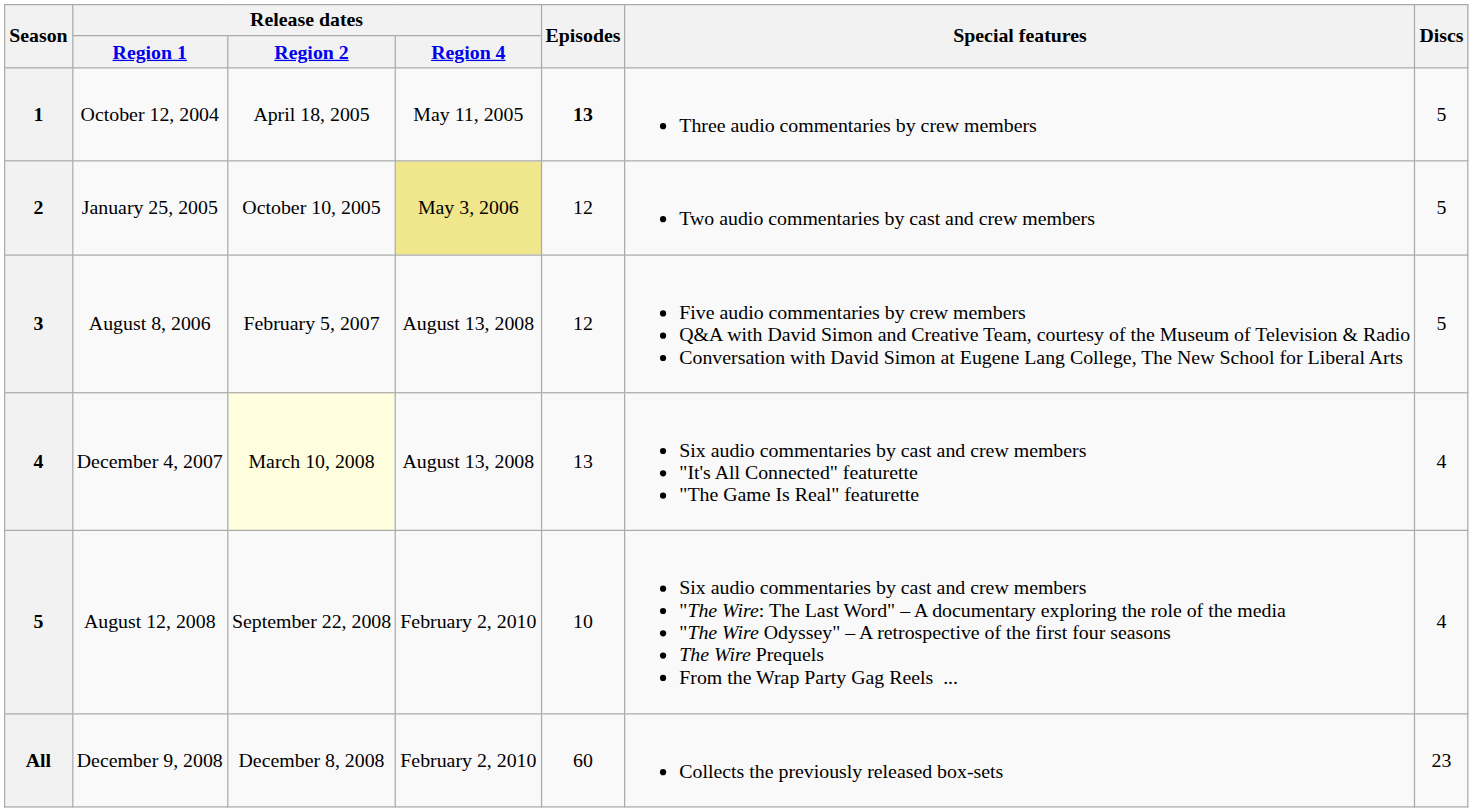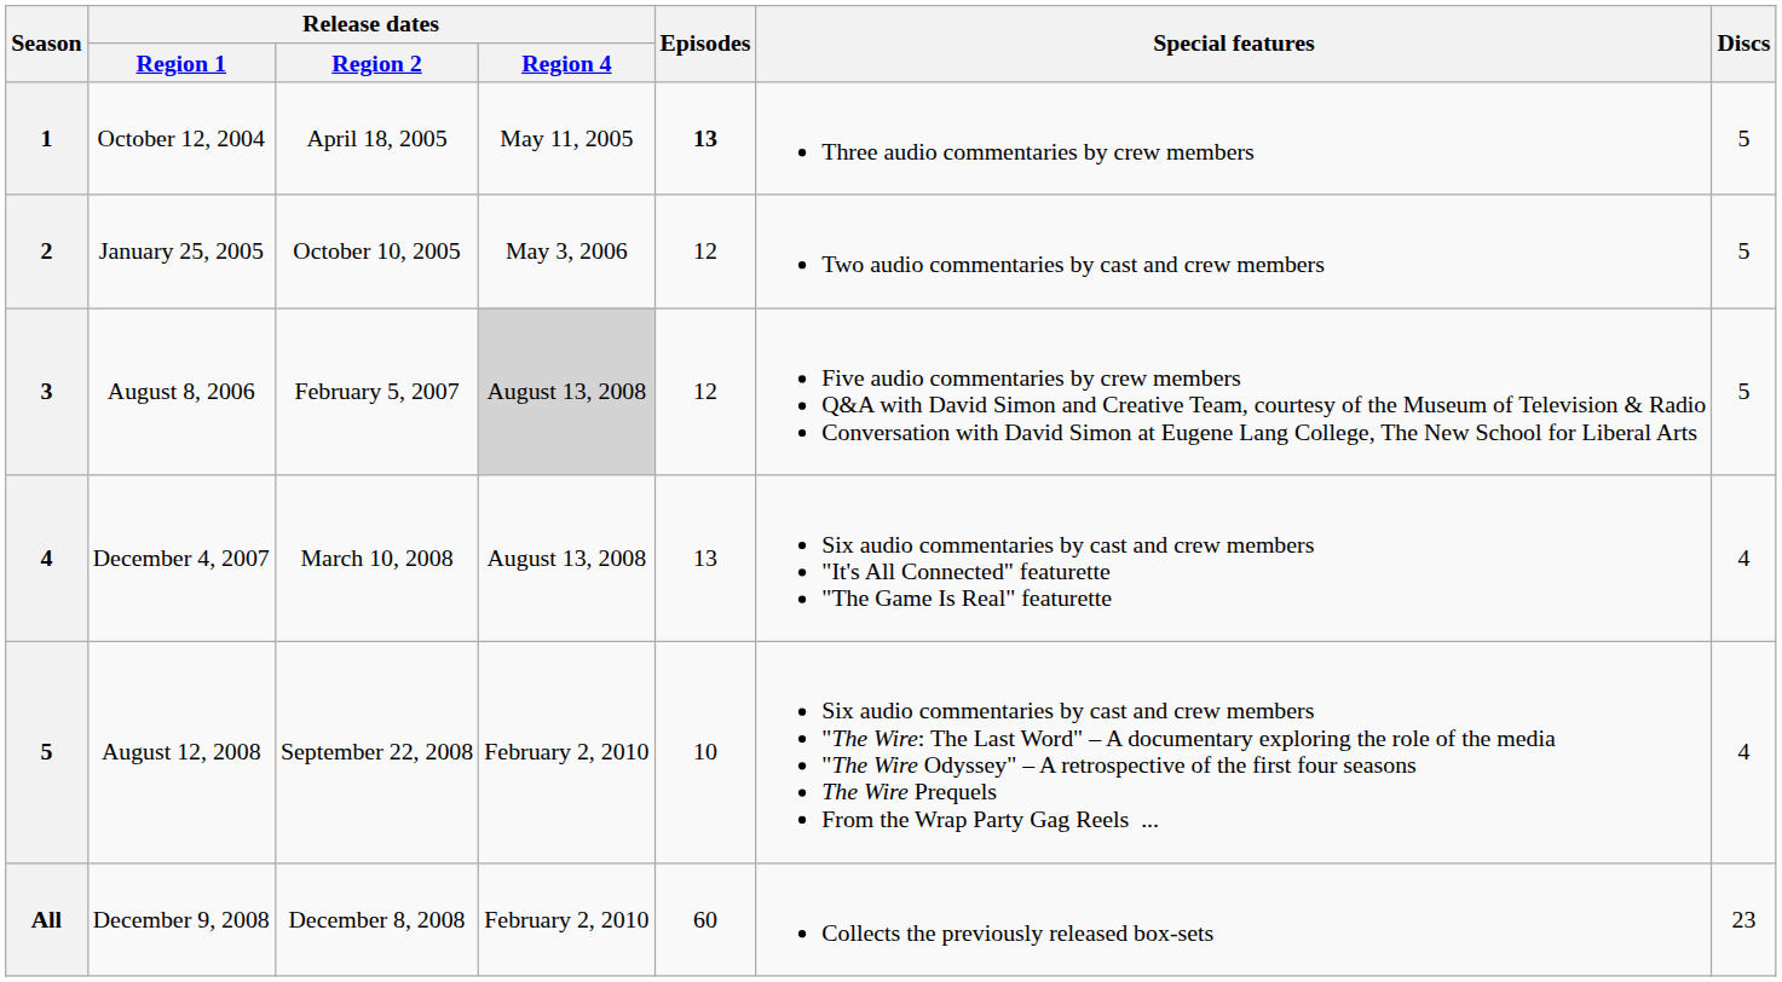 <table class="wikitable" style="text-align:center">
 <tr>
 <th rowspan="2">Season</th>
 <th colspan="3">Release dates</th>
 <th rowspan="2">Episodes</th>
 <th rowspan="2">Special features</th>
 <th rowspan="2">Discs</th>
 </tr>
 <tr>
 <th><a href='#'>Region 1</a></th>
 <th><a href='#'>Region 2</a></th>
 <th><a href='#'>Region 4</a></th>
 </tr>
 <tr>
 <th>1</th>
 <td>October 12, 2004</td>
 <td>April 18, 2005</td>
 <td>May 11, 2005</td>
 <td><strong>13</strong></td>
 <td style="text-align:left"><br><ul><li>Three audio commentaries by crew members</li></ul></td>
 <td>5</td>
 </tr>
 <tr>
 <th>2</th>
 <td>January 25, 2005</td>
 <td>October 10, 2005</td>
-<td style="background: khaki;">May 3, 2006</td>
+<td>May 3, 2006</td>
 <td>12</td>
 <td style="text-align:left"><br><ul><li>Two audio commentaries by cast and crew members</li></ul></td>
 <td>5</td>
 </tr>
 <tr>
 <th>3</th>
 <td>August 8, 2006</td>
 <td>February 5, 2007</td>
-<td>August 13, 2008</td>
+<td style="background: lightgrey;">August 13, 2008</td>
 <td>12</td>
 <td style="text-align:left"><br><ul><li>Five audio commentaries by crew members</li><li>Q&A with David Simon and Creative Team, courtesy of the Museum of Television & Radio</li><li>Conversation with David Simon at Eugene Lang College, The New School for Liberal Arts</li></ul></td>
 <td>5</td>
 </tr>
 <tr>
 <th>4</th>
 <td>December 4, 2007</td>
-<td style="background: lightyellow;">March 10, 2008</td>
+<td>March 10, 2008</td>
 <td>August 13, 2008</td>
 <td>13</td>
 <td style="text-align:left"><br><ul><li>Six audio commentaries by cast and crew members</li><li>"It's All Connected" featurette</li><li>"The Game Is Real" featurette</li></ul></td>
 <td>4</td>
 </tr>
 <tr>
 <th>5</th>
 <td>August 12, 2008</td>
 <td>September 22, 2008</td>
 <td>February 2, 2010</td>
 <td>10</td>
 <td style="text-align:left"><br><ul><li>Six audio commentaries by cast and crew members</li><li>"<em>The Wire</em>: The Last Word" – A documentary exploring the role of the media</li><li>"<em>The Wire</em> Odyssey" – A retrospective of the first four seasons</li><li><em>The Wire</em> Prequels</li><li>From the Wrap Party Gag Reels  ...</li></ul></td>
 <td>4</td>
 </tr>
 <tr>
 <th>All</th>
 <td>December 9, 2008</td>
 <td>December 8, 2008</td>
 <td>February 2, 2010</td>
 <td>60</td>
 <td style="text-align:left"><br><ul><li>Collects the previously released box-sets</li></ul></td>
 <td>23</td>
 </tr>
 </table>
